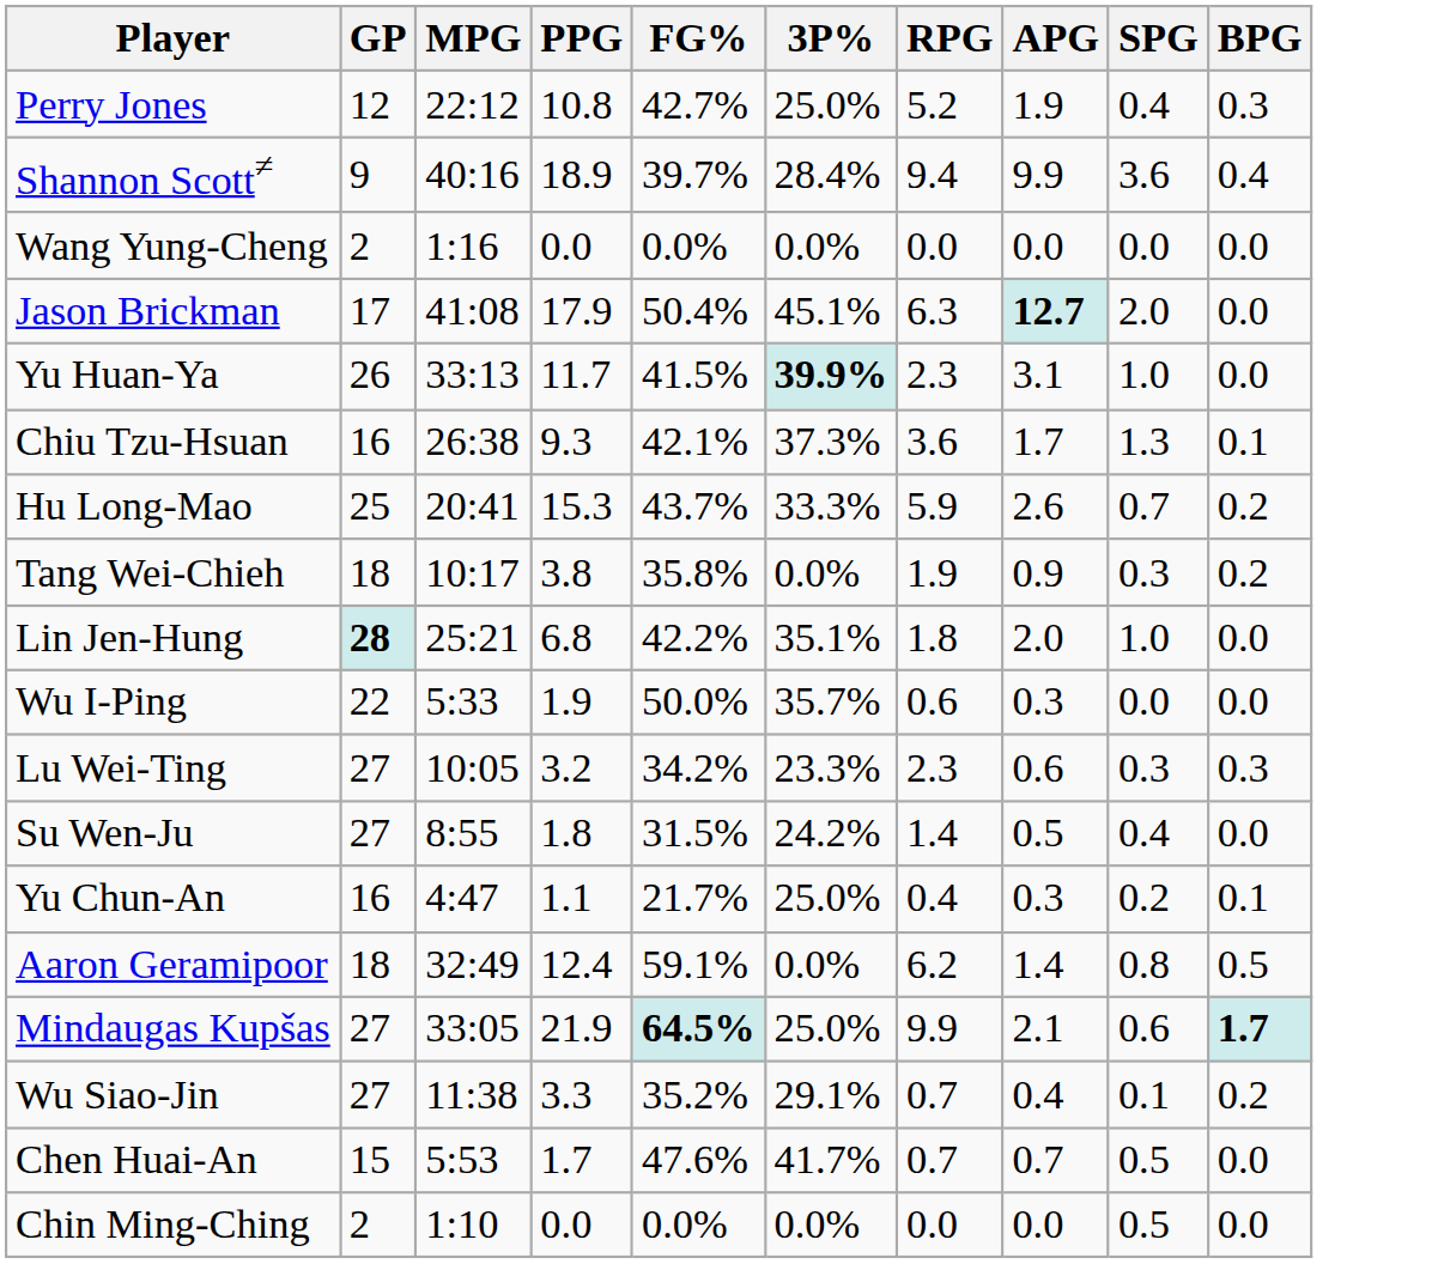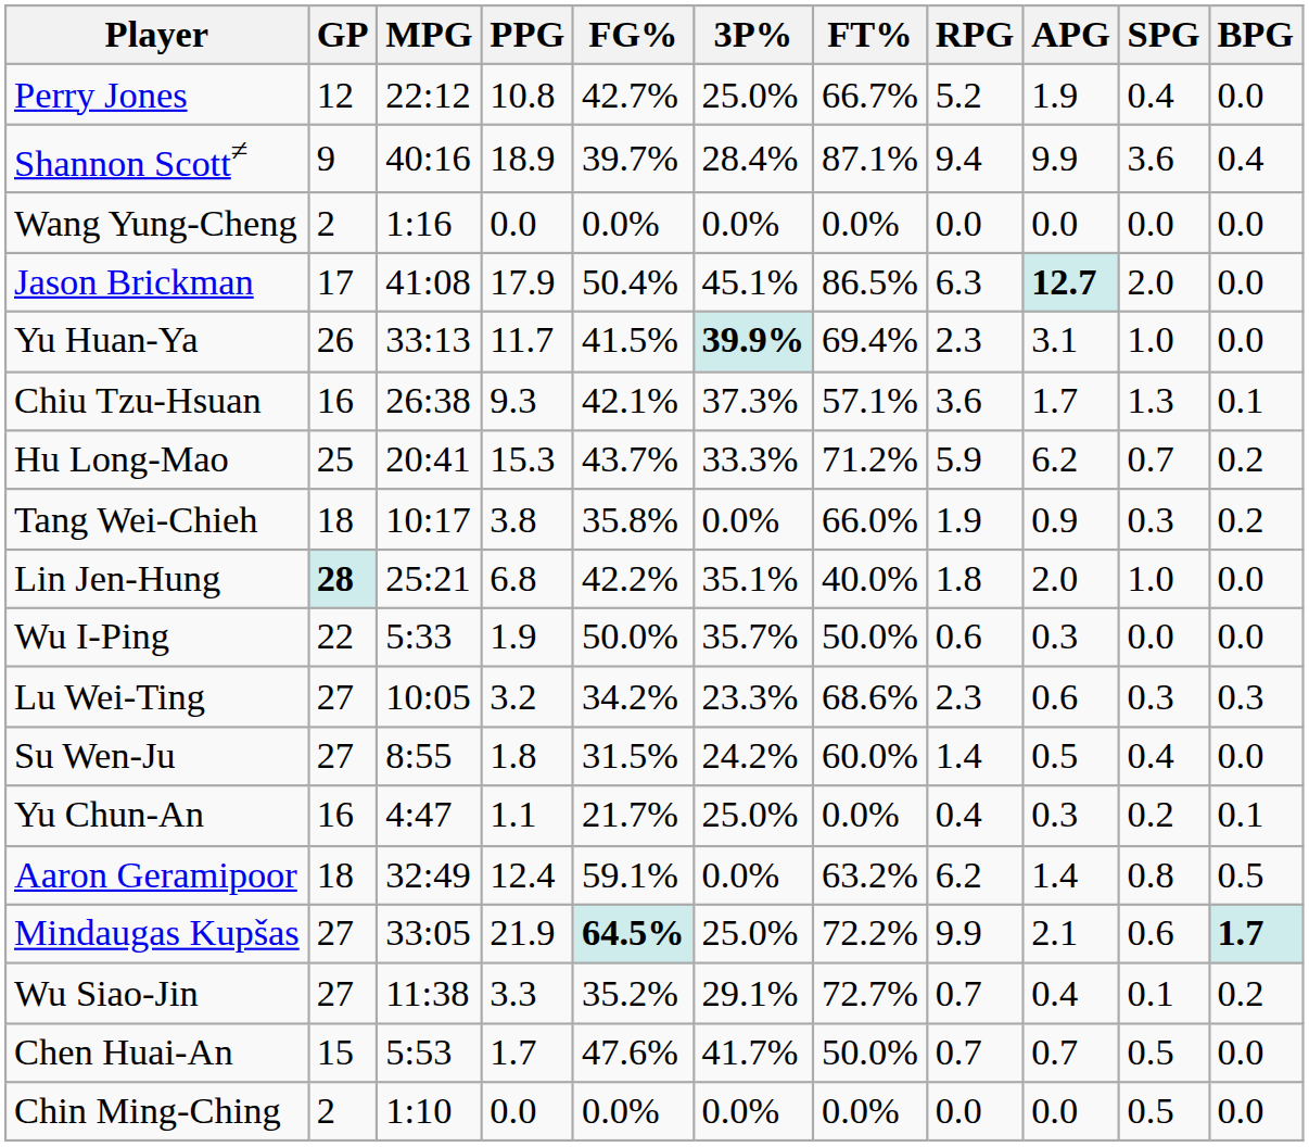 <table class="wikitable">
 <tr>
 <th>Player</th>
 <th>GP</th>
 <th>MPG</th>
 <th>PPG</th>
 <th>FG%</th>
 <th>3P%</th>
+<th>FT%</th>
 <th>RPG</th>
 <th>APG</th>
 <th>SPG</th>
 <th>BPG</th>
 </tr>
 <tr>
 <td><a href='#'>Perry Jones</a></td>
 <td>12</td>
 <td>22:12</td>
 <td>10.8</td>
 <td>42.7%</td>
 <td>25.0%</td>
+<td>66.7%</td>
 <td>5.2</td>
 <td>1.9</td>
 <td>0.4</td>
-<td>0.3</td>
+<td>0.0</td>
 </tr>
 <tr>
 <td><a href='#'>Shannon Scott</a><sup>≠</sup></td>
 <td>9</td>
 <td>40:16</td>
 <td>18.9</td>
 <td>39.7%</td>
 <td>28.4%</td>
+<td>87.1%</td>
 <td>9.4</td>
 <td>9.9</td>
 <td>3.6</td>
 <td>0.4</td>
 </tr>
 <tr>
 <td>Wang Yung-Cheng</td>
 <td>2</td>
 <td>1:16</td>
 <td>0.0</td>
+<td>0.0%</td>
 <td>0.0%</td>
 <td>0.0%</td>
 <td>0.0</td>
 <td>0.0</td>
 <td>0.0</td>
 <td>0.0</td>
 </tr>
 <tr>
 <td><a href='#'>Jason Brickman</a></td>
 <td>17</td>
 <td>41:08</td>
 <td>17.9</td>
 <td>50.4%</td>
 <td>45.1%</td>
+<td>86.5%</td>
 <td>6.3</td>
 <td style="background-color: #CFECEC"><strong>12.7</strong></td>
 <td>2.0</td>
 <td>0.0</td>
 </tr>
 <tr>
 <td>Yu Huan-Ya</td>
 <td>26</td>
 <td>33:13</td>
 <td>11.7</td>
 <td>41.5%</td>
 <td style="background-color: #CFECEC"><strong>39.9%</strong></td>
+<td>69.4%</td>
 <td>2.3</td>
 <td>3.1</td>
 <td>1.0</td>
 <td>0.0</td>
 </tr>
 <tr>
 <td>Chiu Tzu-Hsuan</td>
 <td>16</td>
 <td>26:38</td>
 <td>9.3</td>
 <td>42.1%</td>
 <td>37.3%</td>
+<td>57.1%</td>
 <td>3.6</td>
 <td>1.7</td>
 <td>1.3</td>
 <td>0.1</td>
 </tr>
 <tr>
 <td>Hu Long-Mao</td>
 <td>25</td>
 <td>20:41</td>
 <td>15.3</td>
 <td>43.7%</td>
 <td>33.3%</td>
+<td>71.2%</td>
 <td>5.9</td>
-<td>2.6</td>
+<td>6.2</td>
 <td>0.7</td>
 <td>0.2</td>
 </tr>
 <tr>
 <td>Tang Wei-Chieh</td>
 <td>18</td>
 <td>10:17</td>
 <td>3.8</td>
 <td>35.8%</td>
 <td>0.0%</td>
+<td>66.0%</td>
 <td>1.9</td>
 <td>0.9</td>
 <td>0.3</td>
 <td>0.2</td>
 </tr>
 <tr>
 <td>Lin Jen-Hung</td>
 <td style="background-color: #CFECEC"><strong>28</strong></td>
 <td>25:21</td>
 <td>6.8</td>
 <td>42.2%</td>
 <td>35.1%</td>
+<td>40.0%</td>
 <td>1.8</td>
 <td>2.0</td>
 <td>1.0</td>
 <td>0.0</td>
 </tr>
 <tr>
 <td>Wu I-Ping</td>
 <td>22</td>
 <td>5:33</td>
 <td>1.9</td>
 <td>50.0%</td>
 <td>35.7%</td>
+<td>50.0%</td>
 <td>0.6</td>
 <td>0.3</td>
 <td>0.0</td>
 <td>0.0</td>
 </tr>
 <tr>
 <td>Lu Wei-Ting</td>
 <td>27</td>
 <td>10:05</td>
 <td>3.2</td>
 <td>34.2%</td>
 <td>23.3%</td>
+<td>68.6%</td>
 <td>2.3</td>
 <td>0.6</td>
 <td>0.3</td>
 <td>0.3</td>
 </tr>
 <tr>
 <td>Su Wen-Ju</td>
 <td>27</td>
 <td>8:55</td>
 <td>1.8</td>
 <td>31.5%</td>
 <td>24.2%</td>
+<td>60.0%</td>
 <td>1.4</td>
 <td>0.5</td>
 <td>0.4</td>
 <td>0.0</td>
 </tr>
 <tr>
 <td>Yu Chun-An</td>
 <td>16</td>
 <td>4:47</td>
 <td>1.1</td>
 <td>21.7%</td>
 <td>25.0%</td>
+<td>0.0%</td>
 <td>0.4</td>
 <td>0.3</td>
 <td>0.2</td>
 <td>0.1</td>
 </tr>
 <tr>
 <td><a href='#'>Aaron Geramipoor</a></td>
 <td>18</td>
 <td>32:49</td>
 <td>12.4</td>
 <td>59.1%</td>
 <td>0.0%</td>
+<td>63.2%</td>
 <td>6.2</td>
 <td>1.4</td>
 <td>0.8</td>
 <td>0.5</td>
 </tr>
 <tr>
 <td><a href='#'>Mindaugas Kupšas</a></td>
 <td>27</td>
 <td>33:05</td>
 <td>21.9</td>
 <td style="background-color: #CFECEC"><strong>64.5%</strong></td>
 <td>25.0%</td>
+<td>72.2%</td>
 <td>9.9</td>
 <td>2.1</td>
 <td>0.6</td>
 <td style="background-color: #CFECEC"><strong>1.7</strong></td>
 </tr>
 <tr>
 <td>Wu Siao-Jin</td>
 <td>27</td>
 <td>11:38</td>
 <td>3.3</td>
 <td>35.2%</td>
 <td>29.1%</td>
+<td>72.7%</td>
 <td>0.7</td>
 <td>0.4</td>
 <td>0.1</td>
 <td>0.2</td>
 </tr>
 <tr>
 <td>Chen Huai-An</td>
 <td>15</td>
 <td>5:53</td>
 <td>1.7</td>
 <td>47.6%</td>
 <td>41.7%</td>
+<td>50.0%</td>
 <td>0.7</td>
 <td>0.7</td>
 <td>0.5</td>
 <td>0.0</td>
 </tr>
 <tr>
 <td>Chin Ming-Ching</td>
 <td>2</td>
 <td>1:10</td>
 <td>0.0</td>
 <td>0.0%</td>
 <td>0.0%</td>
+<td>0.0%</td>
 <td>0.0</td>
 <td>0.0</td>
 <td>0.5</td>
 <td>0.0</td>
 </tr>
 </table>
